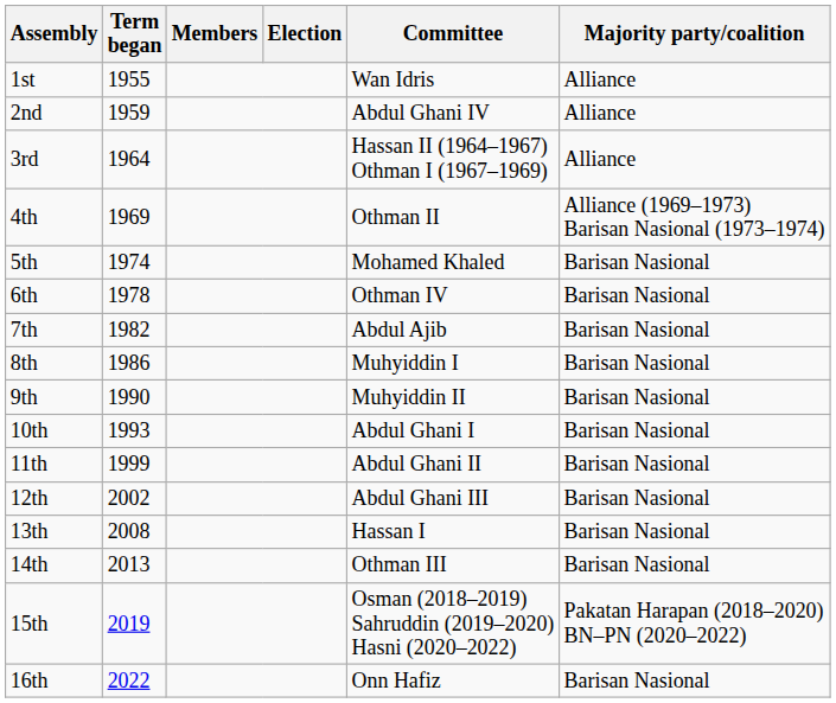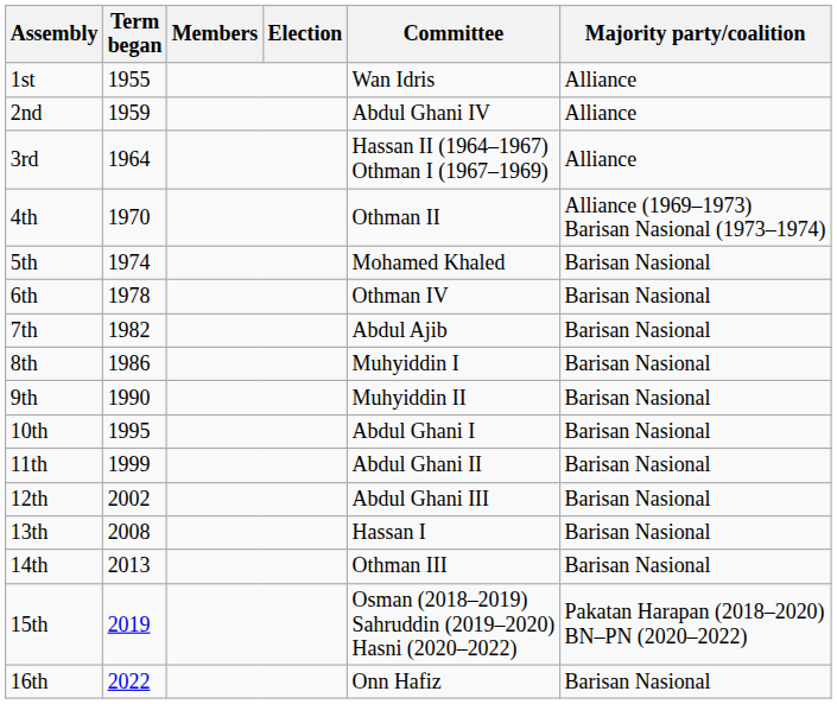 <table class="wikitable">
 <tr>
 <th>Assembly</th>
 <th>Term<br>began</th>
 <th>Members</th>
 <th>Election</th>
 <th>Committee</th>
 <th>Majority party/coalition</th>
 </tr>
 <tr>
 <td>1st</td>
 <td>1955</td>
 <td colspan="2"></td>
 <td>Wan Idris</td>
 <td>Alliance</td>
 </tr>
 <tr>
 <td>2nd</td>
 <td>1959</td>
 <td colspan="2"></td>
 <td>Abdul Ghani IV</td>
 <td>Alliance</td>
 </tr>
 <tr>
 <td>3rd</td>
 <td>1964</td>
 <td colspan="2"></td>
 <td>Hassan II (1964–1967)<br>Othman I (1967–1969)</td>
 <td>Alliance</td>
 </tr>
 <tr>
 <td>4th</td>
-<td>1969</td>
+<td>1970</td>
 <td colspan="2"></td>
 <td>Othman II</td>
 <td>Alliance (1969–1973)<br>Barisan Nasional (1973–1974)</td>
 </tr>
 <tr>
 <td>5th</td>
 <td>1974</td>
 <td colspan="2"></td>
 <td>Mohamed Khaled</td>
 <td>Barisan Nasional</td>
 </tr>
 <tr>
 <td>6th</td>
 <td>1978</td>
 <td colspan="2"></td>
 <td>Othman IV</td>
 <td>Barisan Nasional</td>
 </tr>
 <tr>
 <td>7th</td>
 <td>1982</td>
 <td colspan="2"></td>
 <td>Abdul Ajib</td>
 <td>Barisan Nasional</td>
 </tr>
 <tr>
 <td>8th</td>
 <td>1986</td>
 <td colspan="2"></td>
 <td>Muhyiddin I</td>
 <td>Barisan Nasional</td>
 </tr>
 <tr>
 <td>9th</td>
 <td>1990</td>
 <td colspan="2"></td>
 <td>Muhyiddin II</td>
 <td>Barisan Nasional</td>
 </tr>
 <tr>
 <td>10th</td>
-<td>1993</td>
+<td>1995</td>
 <td colspan="2"></td>
 <td>Abdul Ghani I</td>
 <td>Barisan Nasional</td>
 </tr>
 <tr>
 <td>11th</td>
 <td>1999</td>
 <td colspan="2"></td>
 <td>Abdul Ghani II</td>
 <td>Barisan Nasional</td>
 </tr>
 <tr>
 <td>12th</td>
 <td>2002</td>
 <td colspan="2"></td>
 <td>Abdul Ghani III</td>
 <td>Barisan Nasional</td>
 </tr>
 <tr>
 <td>13th</td>
 <td>2008</td>
 <td colspan="2"></td>
 <td>Hassan I</td>
 <td>Barisan Nasional</td>
 </tr>
 <tr>
 <td>14th</td>
 <td>2013</td>
 <td colspan="2"></td>
 <td>Othman III</td>
 <td>Barisan Nasional</td>
 </tr>
 <tr>
 <td>15th</td>
 <td><a href='#'>2019</a></td>
 <td colspan="2"></td>
 <td>Osman (2018–2019)<br>Sahruddin (2019–2020)<br> Hasni (2020–2022)</td>
 <td>Pakatan Harapan (2018–2020)<br>BN–PN (2020–2022)</td>
 </tr>
 <tr>
 <td>16th</td>
 <td><a href='#'>2022</a></td>
 <td colspan="2"></td>
 <td>Onn Hafiz</td>
 <td>Barisan Nasional</td>
 </tr>
 </table>
